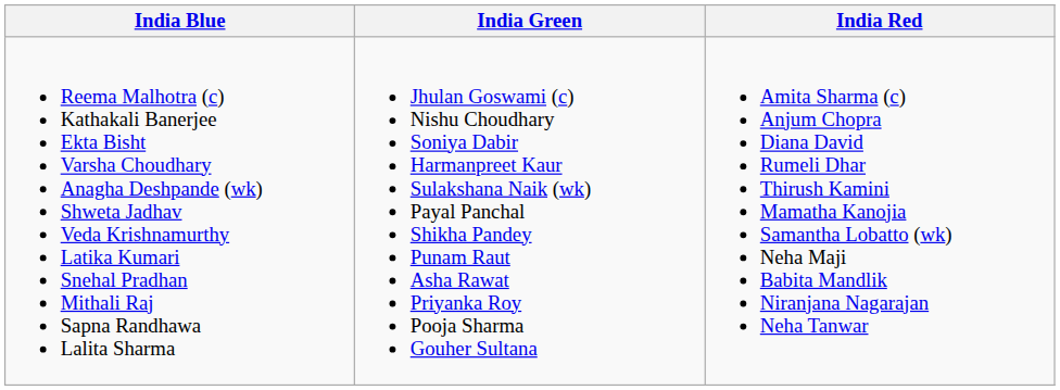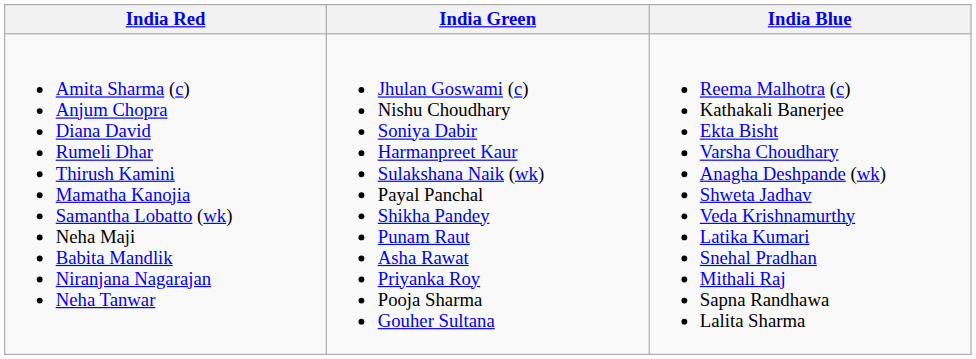 <table class="wikitable">
 <tr>
+<th style="width:25%;"><a href='#'>India Red</a></th>
+<th style="width:25%;"><a href='#'>India Green</a></th>
 <th style="width:25%;"><a href='#'>India Blue</a></th>
-<th style="width:25%;"><a href='#'>India Green</a></th>
-<th style="width:25%;"><a href='#'>India Red</a></th>
 </tr>
 <tr style="vertical-align:top">
+<td><br><ul><li><a href='#'>Amita Sharma</a> (<a href='#'>c</a>)</li><li><a href='#'>Anjum Chopra</a></li><li><a href='#'>Diana David</a></li><li><a href='#'>Rumeli Dhar</a></li><li><a href='#'>Thirush Kamini</a></li><li><a href='#'>Mamatha Kanojia</a></li><li><a href='#'>Samantha Lobatto</a> (<a href='#'>wk</a>)</li><li>Neha Maji</li><li><a href='#'>Babita Mandlik</a></li><li><a href='#'>Niranjana Nagarajan</a></li><li><a href='#'>Neha Tanwar</a></li></ul></td>
+<td><br><ul><li><a href='#'>Jhulan Goswami</a> (<a href='#'>c</a>)</li><li>Nishu Choudhary</li><li><a href='#'>Soniya Dabir</a></li><li><a href='#'>Harmanpreet Kaur</a></li><li><a href='#'>Sulakshana Naik</a> (<a href='#'>wk</a>)</li><li>Payal Panchal</li><li><a href='#'>Shikha Pandey</a></li><li><a href='#'>Punam Raut</a></li><li><a href='#'>Asha Rawat</a></li><li><a href='#'>Priyanka Roy</a></li><li>Pooja Sharma</li><li><a href='#'>Gouher Sultana</a></li></ul></td>
 <td><br><ul><li><a href='#'>Reema Malhotra</a> (<a href='#'>c</a>)</li><li>Kathakali Banerjee</li><li><a href='#'>Ekta Bisht</a></li><li><a href='#'>Varsha Choudhary</a></li><li><a href='#'>Anagha Deshpande</a> (<a href='#'>wk</a>)</li><li><a href='#'>Shweta Jadhav</a></li><li><a href='#'>Veda Krishnamurthy</a></li><li><a href='#'>Latika Kumari</a></li><li><a href='#'>Snehal Pradhan</a></li><li><a href='#'>Mithali Raj</a></li><li>Sapna Randhawa</li><li>Lalita Sharma</li></ul></td>
-<td><br><ul><li><a href='#'>Jhulan Goswami</a> (<a href='#'>c</a>)</li><li>Nishu Choudhary</li><li><a href='#'>Soniya Dabir</a></li><li><a href='#'>Harmanpreet Kaur</a></li><li><a href='#'>Sulakshana Naik</a> (<a href='#'>wk</a>)</li><li>Payal Panchal</li><li><a href='#'>Shikha Pandey</a></li><li><a href='#'>Punam Raut</a></li><li><a href='#'>Asha Rawat</a></li><li><a href='#'>Priyanka Roy</a></li><li>Pooja Sharma</li><li><a href='#'>Gouher Sultana</a></li></ul></td>
-<td><br><ul><li><a href='#'>Amita Sharma</a> (<a href='#'>c</a>)</li><li><a href='#'>Anjum Chopra</a></li><li><a href='#'>Diana David</a></li><li><a href='#'>Rumeli Dhar</a></li><li><a href='#'>Thirush Kamini</a></li><li><a href='#'>Mamatha Kanojia</a></li><li><a href='#'>Samantha Lobatto</a> (<a href='#'>wk</a>)</li><li>Neha Maji</li><li><a href='#'>Babita Mandlik</a></li><li><a href='#'>Niranjana Nagarajan</a></li><li><a href='#'>Neha Tanwar</a></li></ul></td>
 </tr>
 </table>
